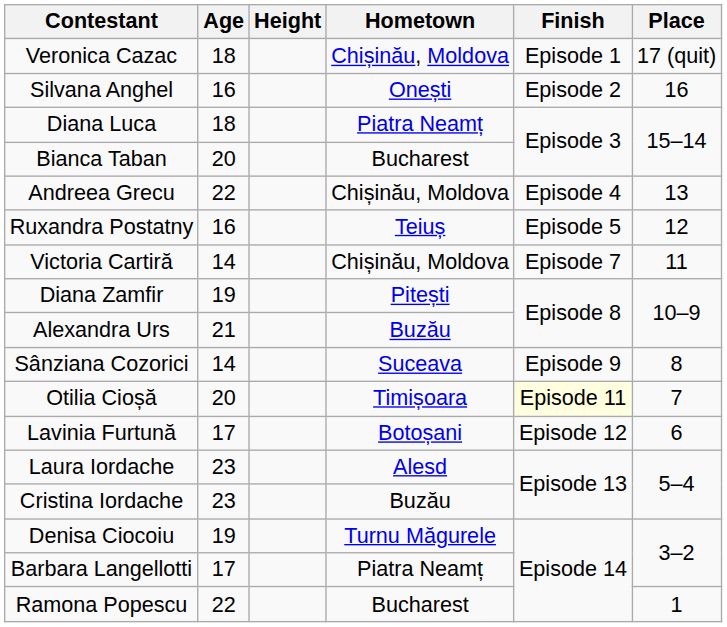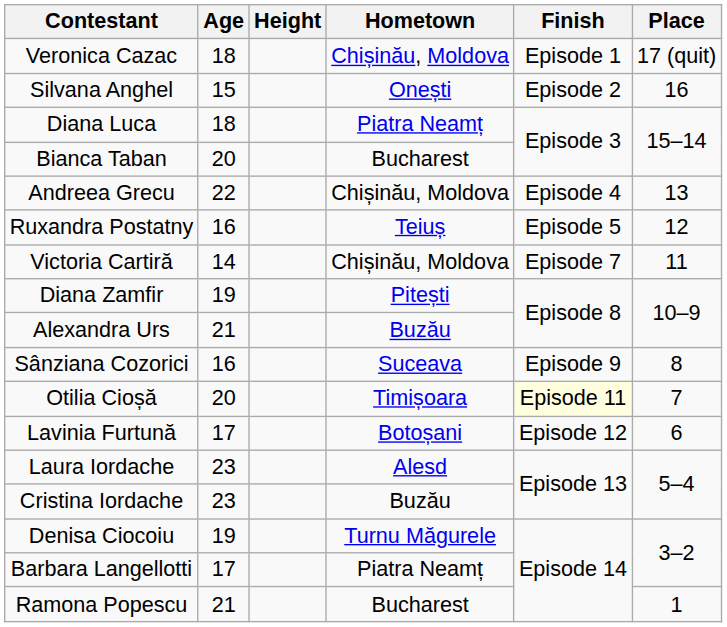 <table class="wikitable sortable" style="text-align:center;">
 <tr>
 <th>Contestant</th>
 <th>Age</th>
 <th>Height</th>
 <th>Hometown</th>
 <th>Finish</th>
 <th>Place</th>
 </tr>
 <tr>
 <td>Veronica Cazac</td>
 <td>18</td>
 <td></td>
 <td><a href='#'>Chișinău</a>, <a href='#'>Moldova</a></td>
 <td>Episode 1</td>
 <td>17 (quit)</td>
 </tr>
 <tr>
 <td>Silvana Anghel</td>
-<td>16</td>
+<td>15</td>
 <td></td>
 <td><a href='#'>Onești</a></td>
 <td>Episode 2</td>
 <td>16</td>
 </tr>
 <tr>
 <td>Diana Luca</td>
 <td>18</td>
 <td></td>
 <td><a href='#'>Piatra Neamț</a></td>
 <td rowspan=2>Episode 3</td>
 <td rowspan="2">15–14</td>
 </tr>
 <tr>
 <td>Bianca Taban</td>
 <td>20</td>
 <td></td>
 <td>Bucharest</td>
 </tr>
 <tr>
 <td>Andreea Grecu</td>
 <td>22</td>
 <td></td>
 <td>Chișinău, Moldova</td>
 <td>Episode 4</td>
 <td>13</td>
 </tr>
 <tr>
 <td>Ruxandra Postatny</td>
 <td>16</td>
 <td></td>
 <td><a href='#'>Teiuș</a></td>
 <td>Episode 5</td>
 <td>12</td>
 </tr>
 <tr>
 <td>Victoria Cartiră</td>
 <td>14</td>
 <td></td>
 <td>Chișinău, Moldova</td>
 <td>Episode 7</td>
 <td>11</td>
 </tr>
 <tr>
 <td>Diana Zamfir</td>
 <td>19</td>
 <td></td>
 <td><a href='#'>Pitești</a></td>
 <td rowspan=2>Episode 8</td>
 <td rowspan="2">10–9</td>
 </tr>
 <tr>
 <td>Alexandra Urs</td>
 <td>21</td>
 <td></td>
 <td><a href='#'>Buzău</a></td>
 </tr>
 <tr>
 <td>Sânziana Cozorici</td>
-<td>14</td>
+<td>16</td>
 <td></td>
 <td><a href='#'>Suceava</a></td>
 <td>Episode 9</td>
 <td>8</td>
 </tr>
 <tr>
 <td>Otilia Cioșă</td>
 <td>20</td>
 <td></td>
 <td><a href='#'>Timișoara</a></td>
 <td style="background: lightyellow;">Episode 11</td>
 <td>7</td>
 </tr>
 <tr>
 <td>Lavinia Furtună</td>
 <td>17</td>
 <td></td>
 <td><a href='#'>Botoșani</a></td>
 <td>Episode 12</td>
 <td>6</td>
 </tr>
 <tr>
 <td>Laura Iordache</td>
 <td>23</td>
 <td></td>
 <td><a href='#'>Alesd</a></td>
 <td rowspan=2>Episode 13</td>
 <td rowspan="2">5–4</td>
 </tr>
 <tr>
 <td>Cristina Iordache</td>
 <td>23</td>
 <td></td>
 <td>Buzău</td>
 </tr>
 <tr>
 <td>Denisa Ciocoiu</td>
 <td>19</td>
 <td></td>
 <td><a href='#'>Turnu Măgurele</a></td>
 <td rowspan="3">Episode 14</td>
 <td rowspan="2">3–2</td>
 </tr>
 <tr>
 <td>Barbara Langellotti</td>
 <td>17</td>
 <td></td>
 <td>Piatra Neamț</td>
 </tr>
 <tr>
 <td>Ramona Popescu</td>
-<td>22</td>
+<td>21</td>
 <td></td>
 <td>Bucharest</td>
 <td>1</td>
 </tr>
 </table>
